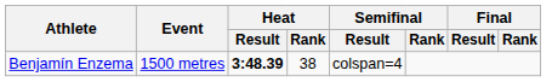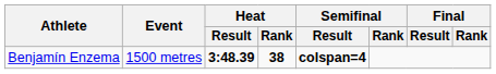 <table class="wikitable" style="font-size:90%">
 <tr>
 <th rowspan="2">Athlete</th>
 <th rowspan="2">Event</th>
 <th colspan="2">Heat</th>
 <th colspan="2">Semifinal</th>
 <th colspan="2">Final</th>
 </tr>
 <tr style="font-size:95%">
 <th>Result</th>
 <th>Rank</th>
 <th>Result</th>
 <th>Rank</th>
 <th>Result</th>
 <th>Rank</th>
 </tr>
 <tr style=text-align:center>
 <td style=text-align:left><a href='#'>Benjamín Enzema</a></td>
 <td style=text-align:left rowspan=1><a href='#'>1500 metres</a></td>
 <td><strong>3:48.39</strong></td>
-<td>38</td>
-<td>colspan=4 </td>
+<td><strong>38</strong></td>
+<td><strong>colspan=4 </strong></td>
 </tr>
 </table>
